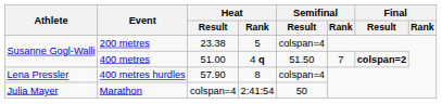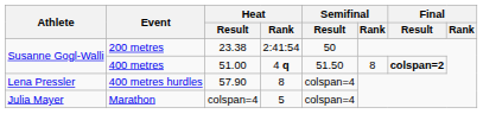 <table class="wikitable" style="font-size:90%">
 <tr>
 <th rowspan="2">Athlete</th>
 <th rowspan="2">Event</th>
 <th colspan="2">Heat</th>
 <th colspan="2">Semifinal</th>
 <th colspan="2">Final</th>
 </tr>
 <tr style="font-size:95%">
 <th>Result</th>
 <th>Rank</th>
 <th>Result</th>
 <th>Rank</th>
 <th>Result</th>
 <th>Rank</th>
 </tr>
 <tr align=center>
 <td align=left  rowspan=2><a href='#'>Susanne Gogl-Walli</a></td>
 <td align=left><a href='#'>200 metres</a></td>
 <td>23.38</td>
-<td>5</td>
-<td>colspan=4 </td>
+<td>2:41:54</td>
+<td>50</td>
 </tr>
 <tr align=center>
 <td align=left><a href='#'>400 metres</a></td>
 <td>51.00</td>
 <td>4 <strong>q</strong></td>
 <td>51.50</td>
-<td>7</td>
+<td>8</td>
 <td><strong>colspan=2 </strong></td>
 </tr>
 <tr align=center>
 <td align=left><a href='#'>Lena Pressler</a></td>
 <td align=left><a href='#'>400 metres hurdles</a></td>
 <td>57.90</td>
 <td>8</td>
 <td>colspan=4 </td>
 </tr>
 <tr align=center>
 <td align=left><a href='#'>Julia Mayer</a></td>
 <td align=left><a href='#'>Marathon</a></td>
 <td>colspan=4</td>
-<td>2:41:54</td>
-<td>50</td>
+<td>5</td>
+<td>colspan=4 </td>
 </tr>
 </table>
